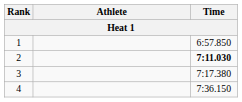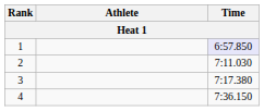 <table class=wikitable style="text-align:center">
 <tr>
 <th width=40>Rank</th>
 <th width=250>Athlete</th>
 <th width=70>Time</th>
 </tr>
 <tr>
 <th colspan=3>Heat 1</th>
 </tr>
 <tr>
 <td>1</td>
 <td style="text-align:left"></td>
-<td>6:57.850</td>
+<td style="background: lavender;">6:57.850</td>
 </tr>
 <tr>
 <td>2</td>
 <td style="text-align:left"></td>
-<td><strong>7:11.030</strong></td>
+<td>7:11.030</td>
 </tr>
 <tr>
 <td>3</td>
 <td style="text-align:left"></td>
 <td>7:17.380</td>
 </tr>
 <tr>
 <td>4</td>
 <td style="text-align:left"></td>
 <td>7:36.150</td>
 </tr>
 </table>
